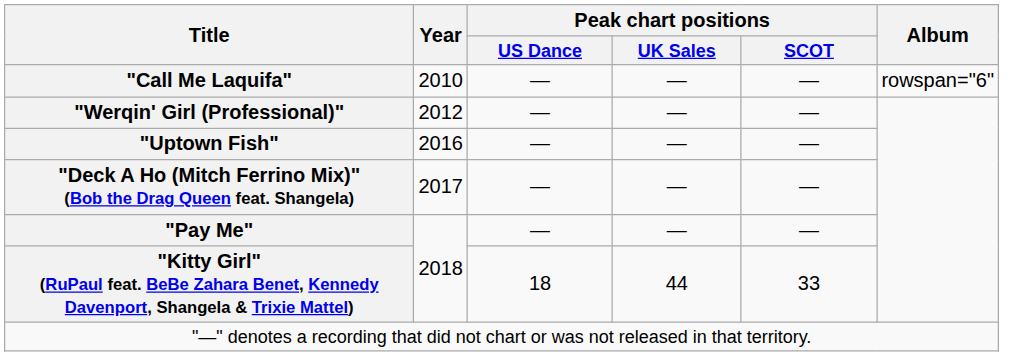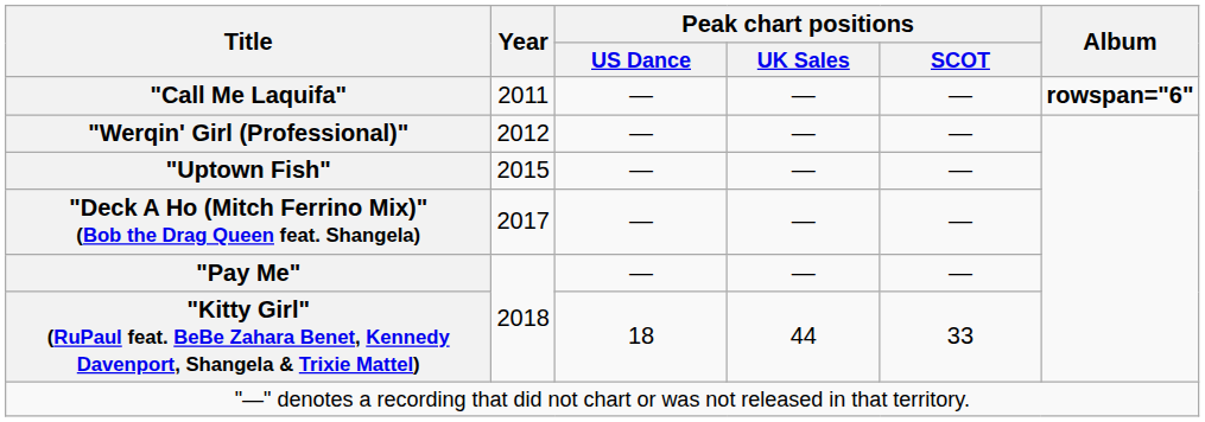 <table class="wikitable plainrowheaders" style="text-align:center;">
 <tr>
 <th rowspan="2" style="width:20em;">Title</th>
 <th rowspan="2" style="width:1em;">Year</th>
 <th colspan="3" style="width:20em;">Peak chart positions</th>
 <th rowspan="2" style="width:5em;">Album</th>
 </tr>
 <tr>
 <th scope="col" style="width:2em;font-size:90%;"><a href='#'>US Dance</a></th>
 <th scope="col" style="width:2em;font-size:90%;"><a href='#'>UK Sales</a><br></th>
 <th scope="col" style="width:2em;font-size:90%;"><a href='#'>SCOT</a></th>
 </tr>
 <tr>
 <th scope="row">"Call Me Laquifa"</th>
-<td>2010</td>
+<td>2011</td>
 <td>—</td>
 <td>—</td>
 <td>—</td>
-<td>rowspan="6" </td>
+<td><strong>rowspan="6" </strong></td>
 </tr>
 <tr>
 <th scope="row">"Werqin' Girl (Professional)"</th>
 <td>2012</td>
 <td>—</td>
 <td>—</td>
 <td>—</td>
 </tr>
 <tr>
 <th scope="row">"Uptown Fish"</th>
-<td>2016</td>
+<td>2015</td>
 <td>—</td>
 <td>—</td>
 <td>—</td>
 </tr>
 <tr>
 <th scope="row">"Deck A Ho (Mitch Ferrino Mix)" <br><small>(<a href='#'>Bob the Drag Queen</a> feat. Shangela)</small></th>
 <td>2017</td>
 <td>—</td>
 <td>—</td>
 <td>—</td>
 </tr>
 <tr>
 <th scope="row">"Pay Me"</th>
 <td rowspan="2">2018</td>
 <td>—</td>
 <td>—</td>
 <td>—</td>
 </tr>
 <tr>
 <th scope="row">"Kitty Girl" <br><small>(<a href='#'>RuPaul</a> feat. <a href='#'>BeBe Zahara Benet</a>, <a href='#'>Kennedy Davenport</a>, Shangela & <a href='#'>Trixie Mattel</a>)</small></th>
 <td>18</td>
 <td>44</td>
 <td>33</td>
 </tr>
 <tr>
 <td colspan="10" style="font-size:90%">"—" denotes a recording that did not chart or was not released in that territory.</td>
 </tr>
 </table>
